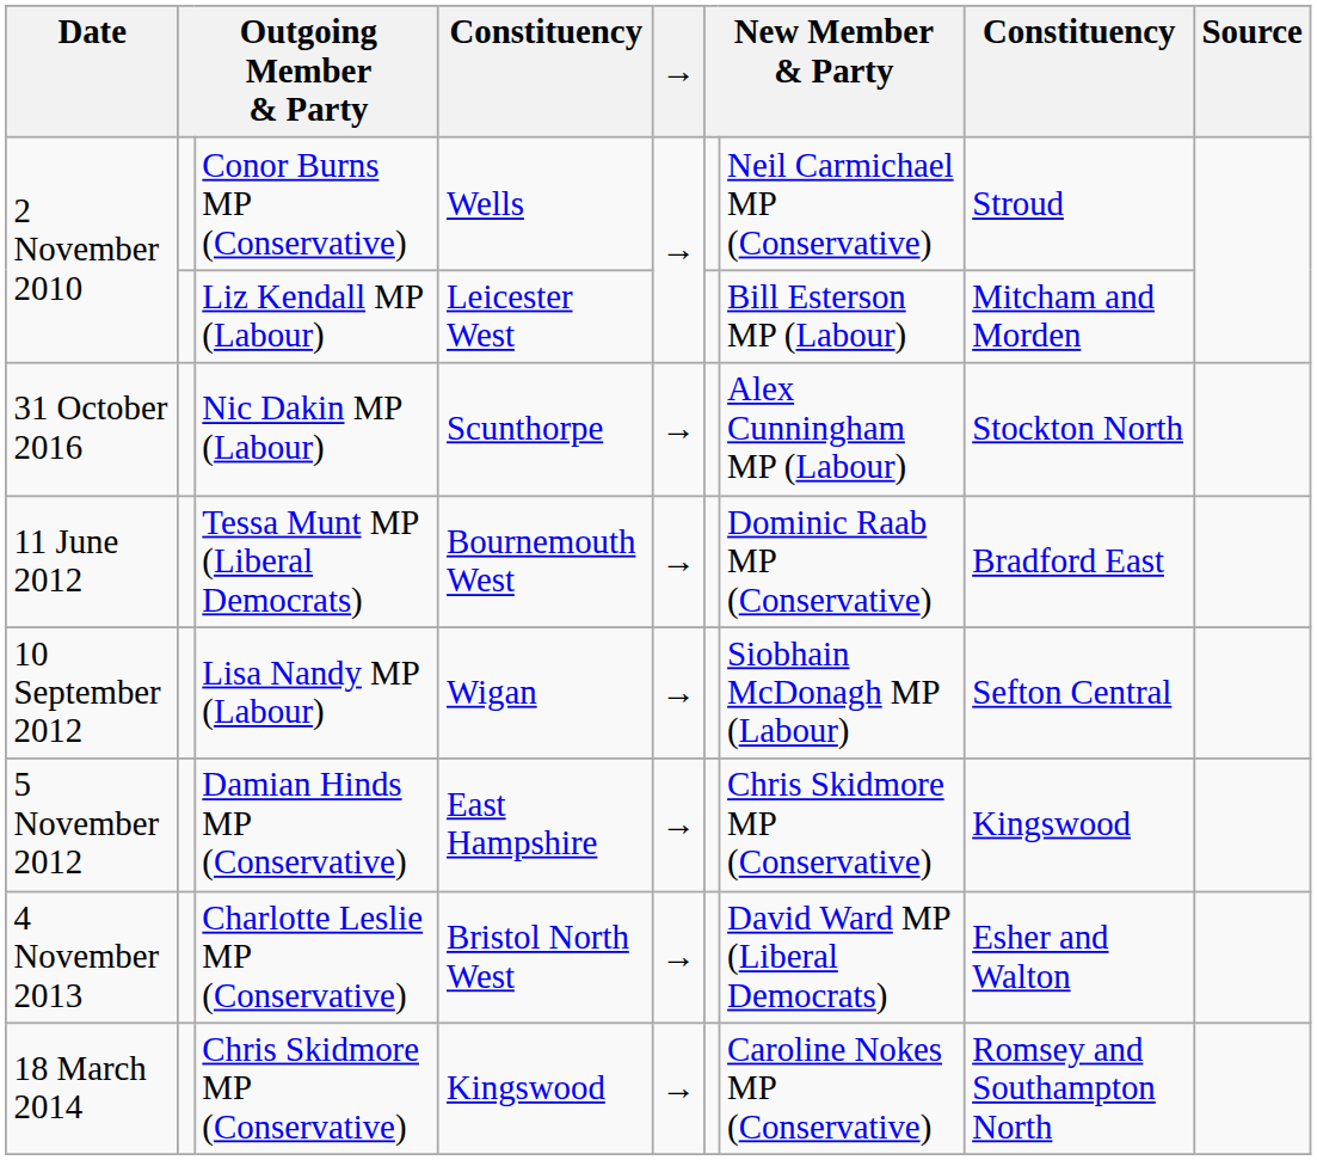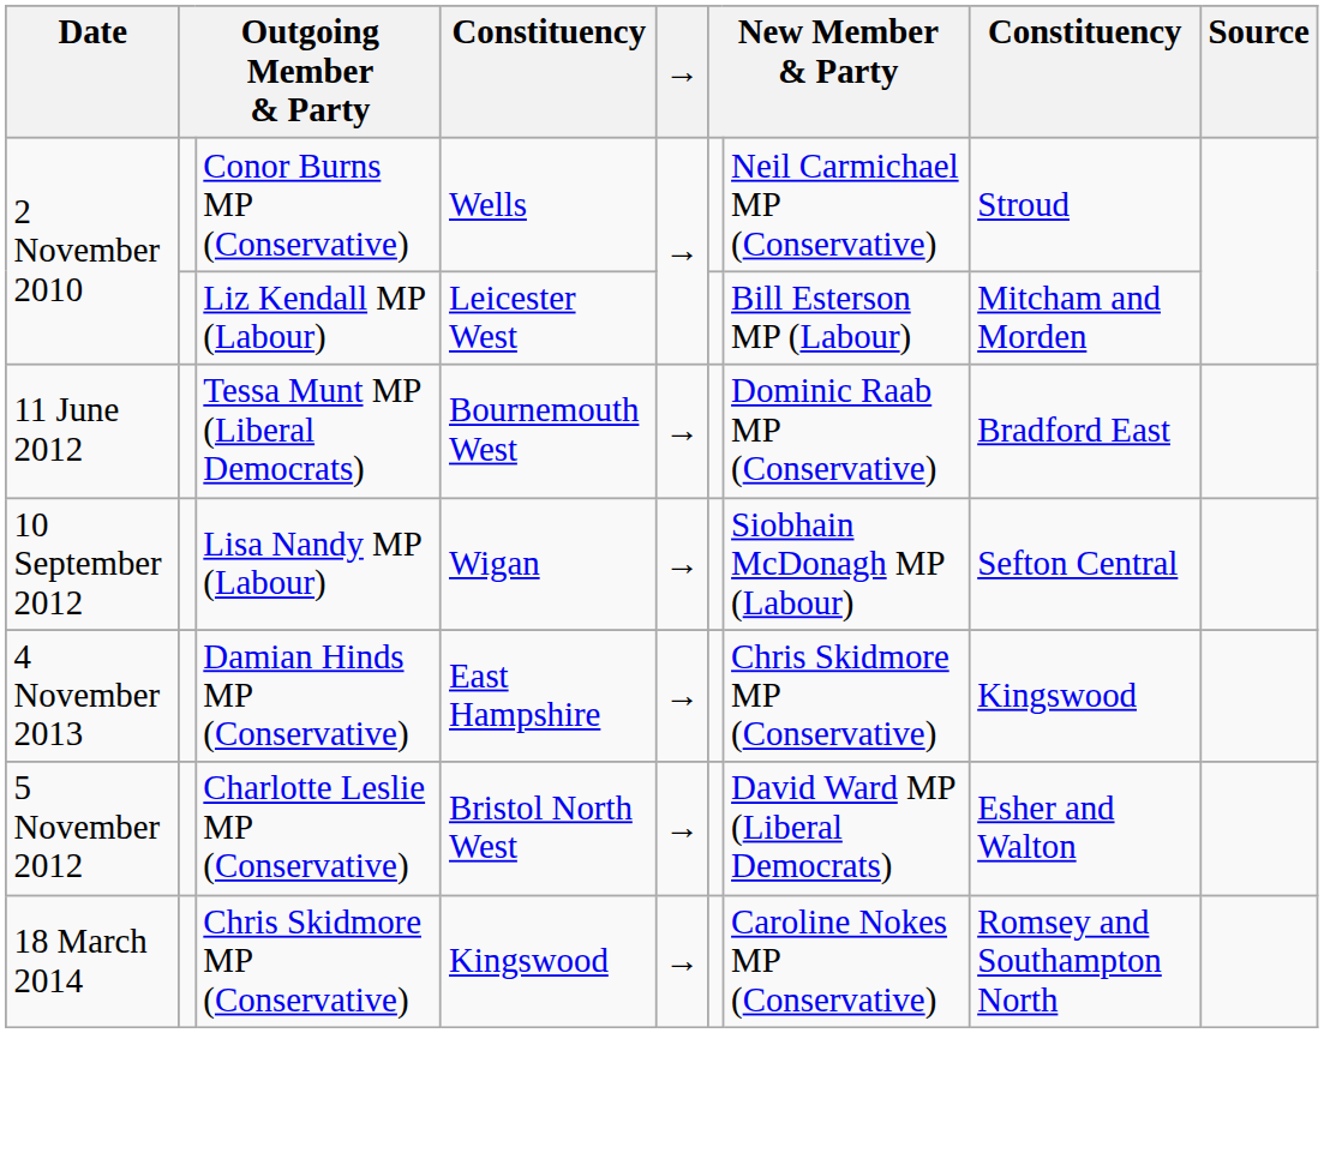 <table class="wikitable">
 <tr>
 <th valign="top">Date</th>
 <th colspan="2" valign="top">Outgoing Member<br>& Party</th>
 <th valign="top">Constituency</th>
 <th>→</th>
 <th colspan="2" valign="top">New Member<br>& Party</th>
 <th valign="top">Constituency</th>
 <th valign="top">Source</th>
 </tr>
 <tr>
 <td rowspan=2>2 November 2010</td>
 <td style="color:inherit;background:"></td>
 <td><a href='#'>Conor Burns</a> MP (<a href='#'>Conservative</a>)</td>
 <td><a href='#'>Wells</a></td>
 <td rowspan=2>→</td>
 <td style="color:inherit;background:"></td>
 <td><a href='#'>Neil Carmichael</a> MP (<a href='#'>Conservative</a>)</td>
 <td><a href='#'>Stroud</a></td>
 <td rowspan=2></td>
 </tr>
 <tr>
 <td style="color:inherit;background:"></td>
 <td><a href='#'>Liz Kendall</a> MP (<a href='#'>Labour</a>)</td>
 <td><a href='#'>Leicester West</a></td>
 <td style="color:inherit;background:"></td>
 <td><a href='#'>Bill Esterson</a> MP (<a href='#'>Labour</a>)</td>
 <td><a href='#'>Mitcham and Morden</a></td>
 </tr>
 <tr>
-<td>31 October 2016</td>
-<td style="color:inherit;background:"></td>
-<td><a href='#'>Nic Dakin</a> MP (<a href='#'>Labour</a>)</td>
-<td><a href='#'>Scunthorpe</a></td>
-<td>→</td>
-<td style="color:inherit;background:"></td>
-<td><a href='#'>Alex Cunningham</a> MP (<a href='#'>Labour</a>)</td>
-<td><a href='#'>Stockton North</a></td>
-<td></td>
-</tr>
-<tr>
 <td>11 June 2012</td>
 <td style="color:inherit;background:"></td>
 <td><a href='#'>Tessa Munt</a> MP (<a href='#'>Liberal Democrats</a>)</td>
 <td><a href='#'>Bournemouth West</a></td>
 <td>→</td>
 <td style="color:inherit;background:"></td>
 <td><a href='#'>Dominic Raab</a> MP (<a href='#'>Conservative</a>)</td>
 <td><a href='#'>Bradford East</a></td>
 <td></td>
 </tr>
 <tr>
 <td>10 September 2012</td>
 <td style="color:inherit;background:"></td>
 <td><a href='#'>Lisa Nandy</a> MP (<a href='#'>Labour</a>)</td>
 <td><a href='#'>Wigan</a></td>
 <td>→</td>
 <td style="color:inherit;background:"></td>
 <td><a href='#'>Siobhain McDonagh</a> MP (<a href='#'>Labour</a>)</td>
 <td><a href='#'>Sefton Central</a></td>
 <td></td>
 </tr>
 <tr>
-<td>5 November 2012</td>
+<td>4 November 2013</td>
 <td style="color:inherit;background:"></td>
 <td><a href='#'>Damian Hinds</a> MP (<a href='#'>Conservative</a>)</td>
 <td><a href='#'>East Hampshire</a></td>
 <td>→</td>
 <td style="color:inherit;background:"></td>
 <td><a href='#'>Chris Skidmore</a> MP (<a href='#'>Conservative</a>)</td>
 <td><a href='#'>Kingswood</a></td>
 <td></td>
 </tr>
 <tr>
-<td>4 November 2013</td>
+<td>5 November 2012</td>
 <td style="color:inherit;background:"></td>
 <td><a href='#'>Charlotte Leslie</a> MP (<a href='#'>Conservative</a>)</td>
 <td><a href='#'>Bristol North West</a></td>
 <td>→</td>
 <td style="color:inherit;background:"></td>
 <td><a href='#'>David Ward</a> MP (<a href='#'>Liberal Democrats</a>)</td>
 <td><a href='#'>Esher and Walton</a></td>
 <td></td>
 </tr>
 <tr>
 <td>18 March 2014</td>
 <td style="color:inherit;background:"></td>
 <td><a href='#'>Chris Skidmore</a> MP (<a href='#'>Conservative</a>)</td>
 <td><a href='#'>Kingswood</a></td>
 <td>→</td>
 <td style="color:inherit;background:"></td>
 <td><a href='#'>Caroline Nokes</a> MP (<a href='#'>Conservative</a>)</td>
 <td><a href='#'>Romsey and Southampton North</a></td>
 <td></td>
 </tr>
 </table>
